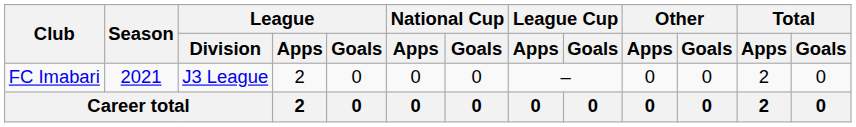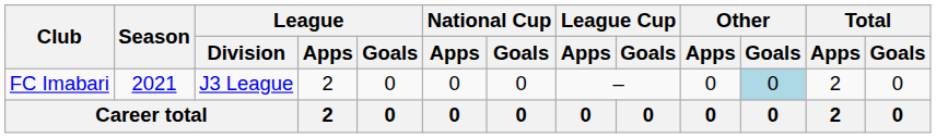 <table class="wikitable" style="text-align: center">
 <tr>
 <th rowspan="2">Club</th>
 <th rowspan="2">Season</th>
 <th colspan="3">League</th>
 <th colspan="2">National Cup</th>
 <th colspan="2">League Cup</th>
 <th colspan="2">Other</th>
 <th colspan="2">Total</th>
 </tr>
 <tr>
 <th>Division</th>
 <th>Apps</th>
 <th>Goals</th>
 <th>Apps</th>
 <th>Goals</th>
 <th>Apps</th>
 <th>Goals</th>
 <th>Apps</th>
 <th>Goals</th>
 <th>Apps</th>
 <th>Goals</th>
 </tr>
 <tr>
 <td><a href='#'>FC Imabari</a></td>
 <td><a href='#'>2021</a></td>
 <td><a href='#'>J3 League</a></td>
 <td>2</td>
 <td>0</td>
 <td>0</td>
 <td>0</td>
 <td colspan="2">–</td>
 <td>0</td>
-<td>0</td>
+<td style="background: lightblue;">0</td>
 <td>2</td>
 <td>0</td>
 </tr>
 <tr>
 <th colspan=3>Career total</th>
 <th>2</th>
 <th>0</th>
 <th>0</th>
 <th>0</th>
 <th>0</th>
 <th>0</th>
 <th>0</th>
 <th>0</th>
 <th>2</th>
 <th>0</th>
 </tr>
 </table>
